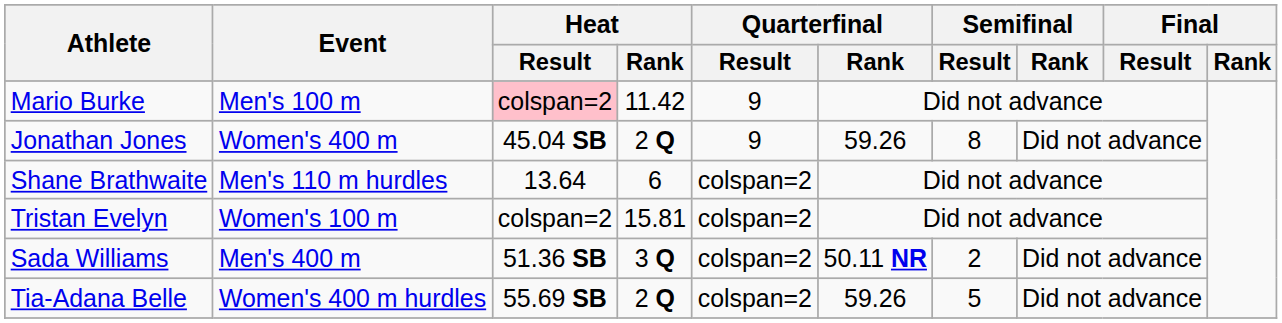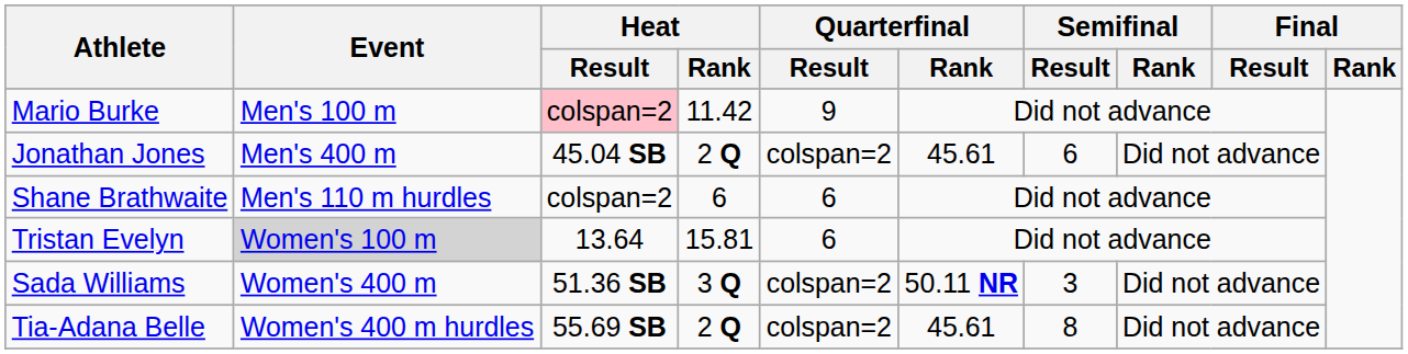 <table class="wikitable" style="font-size:90%">
 <tr>
 <th rowspan="2">Athlete</th>
 <th rowspan="2">Event</th>
 <th colspan="2">Heat</th>
 <th colspan="2">Quarterfinal</th>
 <th colspan="2">Semifinal</th>
 <th colspan="2">Final</th>
 </tr>
 <tr style="font-size:95%">
 <th>Result</th>
 <th>Rank</th>
 <th>Result</th>
 <th>Rank</th>
 <th>Result</th>
 <th>Rank</th>
 <th>Result</th>
 <th>Rank</th>
 </tr>
 <tr align="center">
 <td align="left"><a href='#'>Mario Burke</a></td>
 <td align="left"><a href='#'>Men's 100 m</a></td>
 <td style="background: pink;">colspan=2 </td>
 <td>11.42</td>
 <td>9</td>
 <td colspan="4">Did not advance</td>
 </tr>
 <tr align="center">
 <td align="left"><a href='#'>Jonathan Jones</a></td>
-<td align=left><a href='#'>Women's 400 m</a></td>
+<td align="left"><a href='#'>Men's 400 m</a></td>
 <td>45.04 <strong>SB</strong></td>
 <td>2 <strong>Q</strong></td>
-<td>9</td>
-<td>59.26</td>
-<td>8</td>
+<td>colspan=2 </td>
+<td>45.61</td>
+<td>6</td>
 <td colspan=2>Did not advance</td>
 </tr>
 <tr align=center>
 <td align=left><a href='#'>Shane Brathwaite</a></td>
 <td align=left><a href='#'>Men's 110 m hurdles</a></td>
-<td>13.64</td>
+<td>colspan=2 </td>
 <td>6</td>
-<td>colspan=2 </td>
+<td>6</td>
 <td colspan="4">Did not advance</td>
 </tr>
 <tr align=center>
 <td align=left><a href='#'>Tristan Evelyn</a></td>
-<td align=left><a href='#'>Women's 100 m</a></td>
-<td>colspan=2 </td>
+<td align=left style="background: lightgrey;"><a href='#'>Women's 100 m</a></td>
+<td>13.64</td>
 <td>15.81</td>
-<td>colspan=2 </td>
+<td>6</td>
 <td colspan=4>Did not advance</td>
 </tr>
 <tr align=center>
 <td align=left><a href='#'>Sada Williams</a></td>
-<td align="left"><a href='#'>Men's 400 m</a></td>
+<td align=left><a href='#'>Women's 400 m</a></td>
 <td>51.36 <strong>SB</strong></td>
 <td>3 <strong>Q</strong></td>
 <td>colspan=2 </td>
 <td>50.11 <strong><a href='#'>NR</a></strong></td>
-<td>2</td>
+<td>3</td>
 <td colspan="2">Did not advance</td>
 </tr>
 <tr align="center">
 <td align="left"><a href='#'>Tia-Adana Belle</a></td>
 <td align="left"><a href='#'>Women's 400 m hurdles</a></td>
 <td>55.69 <strong>SB</strong></td>
 <td>2 <strong>Q</strong></td>
 <td>colspan=2 </td>
-<td>59.26</td>
-<td>5</td>
+<td>45.61</td>
+<td>8</td>
 <td colspan=2>Did not advance</td>
 </tr>
 </table>
